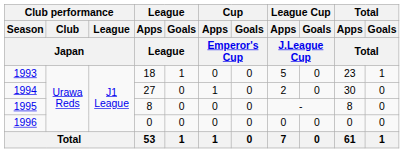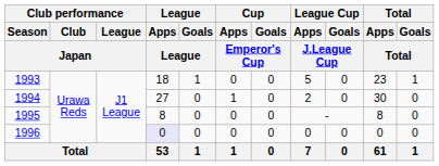 <table class="wikitable" style="text-align:center;">
 <tr>
 <th colspan=3>Club performance</th>
 <th colspan=2>League</th>
 <th colspan=2>Cup</th>
 <th colspan=2>League Cup</th>
 <th colspan=2>Total</th>
 </tr>
 <tr>
 <th>Season</th>
 <th>Club</th>
 <th>League</th>
 <th>Apps</th>
 <th>Goals</th>
 <th>Apps</th>
 <th>Goals</th>
 <th>Apps</th>
 <th>Goals</th>
 <th>Apps</th>
 <th>Goals</th>
 </tr>
 <tr>
 <th colspan=3>Japan</th>
 <th colspan=2>League</th>
 <th colspan=2><a href='#'>Emperor's Cup</a></th>
 <th colspan=2><a href='#'>J.League Cup</a></th>
 <th colspan=2>Total</th>
 </tr>
 <tr>
 <td><a href='#'>1993</a></td>
 <td rowspan="4"><a href='#'>Urawa Reds</a></td>
 <td rowspan="4"><a href='#'>J1 League</a></td>
 <td>18</td>
 <td>1</td>
 <td>0</td>
 <td>0</td>
 <td>5</td>
 <td>0</td>
 <td>23</td>
 <td>1</td>
 </tr>
 <tr>
 <td><a href='#'>1994</a></td>
 <td>27</td>
 <td>0</td>
 <td>1</td>
 <td>0</td>
 <td>2</td>
 <td>0</td>
 <td>30</td>
 <td>0</td>
 </tr>
 <tr>
 <td><a href='#'>1995</a></td>
 <td>8</td>
 <td>0</td>
 <td>0</td>
 <td>0</td>
 <td colspan="2">-</td>
 <td>8</td>
 <td>0</td>
 </tr>
 <tr>
 <td><a href='#'>1996</a></td>
-<td>0</td>
+<td style="background: lavender;">0</td>
 <td>0</td>
 <td>0</td>
 <td>0</td>
 <td>0</td>
 <td>0</td>
 <td>0</td>
 <td>0</td>
 </tr>
 <tr>
 <th colspan=3>Total</th>
 <th>53</th>
 <th>1</th>
 <th>1</th>
 <th>0</th>
 <th>7</th>
 <th>0</th>
 <th>61</th>
 <th>1</th>
 </tr>
 </table>
